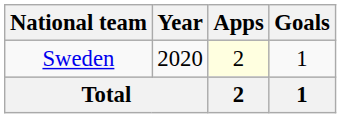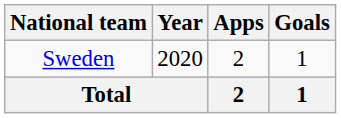 <table class="wikitable" style="text-align:center">
 <tr>
 <th>National team</th>
 <th>Year</th>
 <th>Apps</th>
 <th>Goals</th>
 </tr>
 <tr>
 <td rowspan="1"><a href='#'>Sweden</a></td>
 <td>2020</td>
-<td style="background: lightyellow;">2</td>
+<td>2</td>
 <td>1</td>
 </tr>
 <tr>
 <th colspan="2">Total</th>
 <th>2</th>
 <th>1</th>
 </tr>
 </table>
